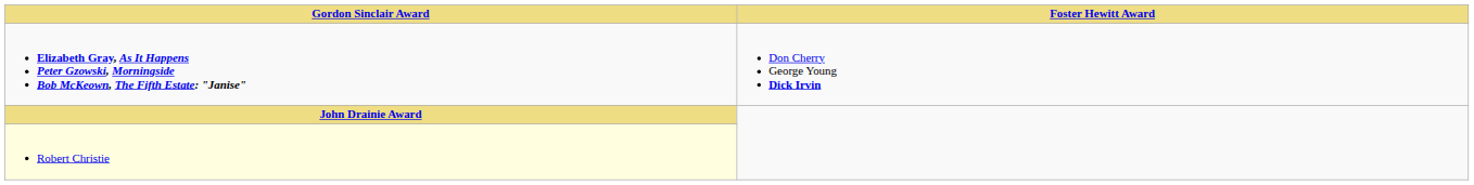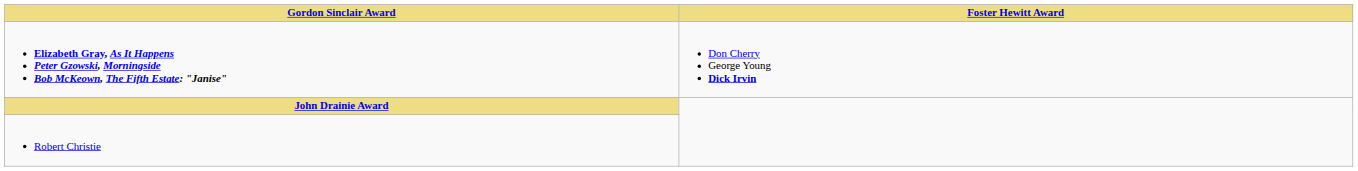 <table class=wikitable width="100%">
 <tr>
 <th style="background:#EEDD82; width:50%"><a href='#'>Gordon Sinclair Award</a></th>
 <th style="background:#EEDD82; width:50%"><a href='#'>Foster Hewitt Award</a></th>
 </tr>
 <tr>
 <td valign="top"><br><ul><li> <strong><a href='#'>Elizabeth Gray</a>, <em><a href='#'>As It Happens</a><strong><em></li><li><a href='#'>Peter Gzowski</a>, </em><a href='#'>Morningside</a><em></li><li><a href='#'>Bob McKeown</a>, </em><a href='#'>The Fifth Estate</a><em>: "Janise"</li></ul></td>
 <td valign="top"><br><ul><li> </strong><a href='#'>Don Cherry</a><strong></li><li> </strong>George Young<strong></li><li><a href='#'>Dick Irvin</a></li></ul></td>
 </tr>
 <tr>
 <th style="background:#EEDD82; width:50%"><a href='#'>John Drainie Award</a></th>
 </tr>
 <tr>
-<td valign="top" style="background: lightyellow;"><br><ul><li> </strong><a href='#'>Robert Christie</a><strong></li></ul></td>
+<td valign="top"><br><ul><li> </strong><a href='#'>Robert Christie</a><strong></li></ul></td>
 </tr>
 </table>
